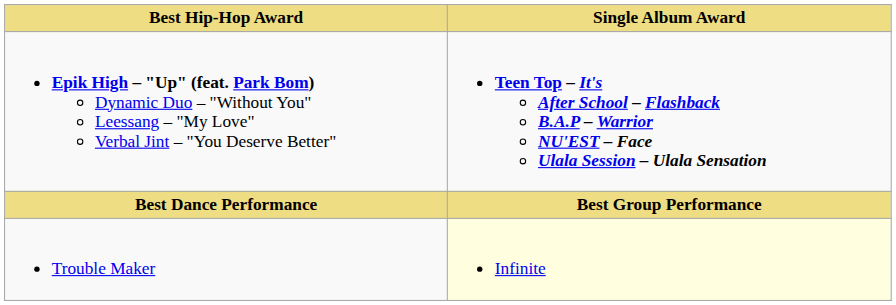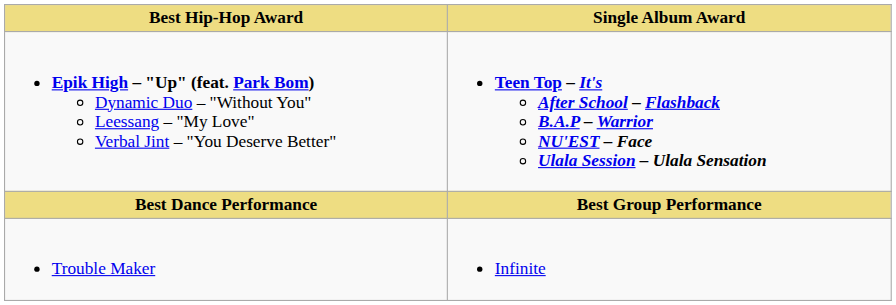 <table class="wikitable" style="width:65%">
 <tr>
 <th scope="col" style="background:#EEDD82">Best Hip-Hop Award</th>
 <th scope="col" style="background:#EEDD82">Single Album Award</th>
 </tr>
 <tr>
 <td style="vertical-align:top"><br><ul><li><strong><a href='#'>Epik High</a> – "Up" (feat. <a href='#'>Park Bom</a>)</strong><ul><li><a href='#'>Dynamic Duo</a> – "Without You"</li><li><a href='#'>Leessang</a> – "My Love"</li><li><a href='#'>Verbal Jint</a> – "You Deserve Better"</li></ul></li></ul></td>
 <td><br><ul><li><strong><a href='#'>Teen Top</a> – <em><a href='#'>It's</a><strong><em><ul><li><a href='#'>After School</a> – </em><a href='#'>Flashback</a><em></li><li><a href='#'>B.A.P</a> – </em><a href='#'>Warrior</a><em></li><li><a href='#'>NU'EST</a> – </em>Face<em></li><li><a href='#'>Ulala Session</a> – </em>Ulala Sensation<em></li></ul></li></ul></td>
 </tr>
 <tr>
 <th scope="col" style="background:#EEDD82; width:30%">Best Dance Performance</th>
 <th scope="col" style="background:#EEDD82; width:30%">Best Group Performance</th>
 </tr>
 <tr>
 <td style="vertical-align:top"><br><ul><li></strong><a href='#'>Trouble Maker</a><strong></li></ul></td>
-<td style="background: lightyellow; vertical-align:top"><br><ul><li></strong><a href='#'>Infinite</a><strong></li></ul></td>
+<td style="vertical-align:top"><br><ul><li></strong><a href='#'>Infinite</a><strong></li></ul></td>
 </tr>
 </table>
